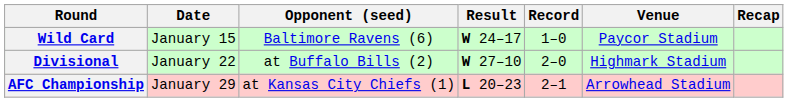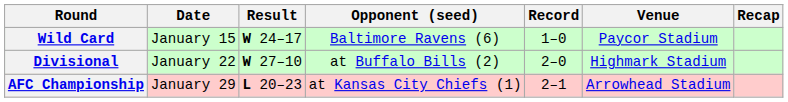 <table class="wikitable" style="text-align:center">
 <tr>
 <th>Round</th>
 <th>Date</th>
+<th>Result</th>
 <th>Opponent (seed)</th>
-<th>Result</th>
 <th>Record</th>
 <th>Venue</th>
 <th>Recap</th>
 </tr>
 <tr style="background:#cfc">
 <th><a href='#'>Wild Card</a></th>
 <td>January 15</td>
+<td><strong>W</strong> 24–17</td>
 <td><a href='#'>Baltimore Ravens</a> (6)</td>
-<td><strong>W</strong> 24–17</td>
 <td>1–0</td>
 <td><a href='#'>Paycor Stadium</a></td>
 <td></td>
 </tr>
 <tr style="background:#cfc">
 <th><a href='#'>Divisional</a></th>
 <td>January 22</td>
+<td><strong>W</strong> 27–10</td>
 <td>at <a href='#'>Buffalo Bills</a> (2)</td>
-<td><strong>W</strong> 27–10</td>
 <td>2–0</td>
 <td><a href='#'>Highmark Stadium</a></td>
 <td></td>
 </tr>
 <tr style="background:#fcc">
 <th><a href='#'>AFC Championship</a></th>
 <td>January 29</td>
+<td><strong>L</strong> 20–23</td>
 <td>at <a href='#'>Kansas City Chiefs</a> (1)</td>
-<td><strong>L</strong> 20–23</td>
 <td>2–1</td>
 <td><a href='#'>Arrowhead Stadium</a></td>
 <td></td>
 </tr>
 </table>
